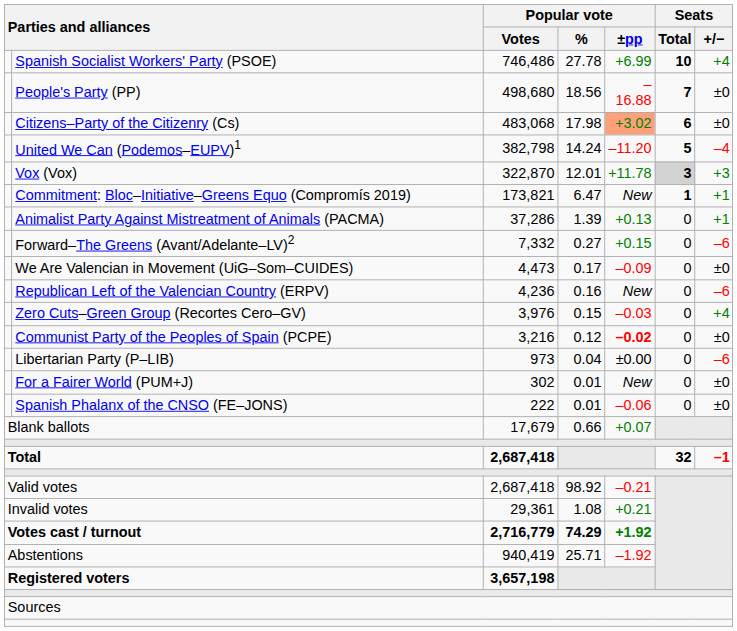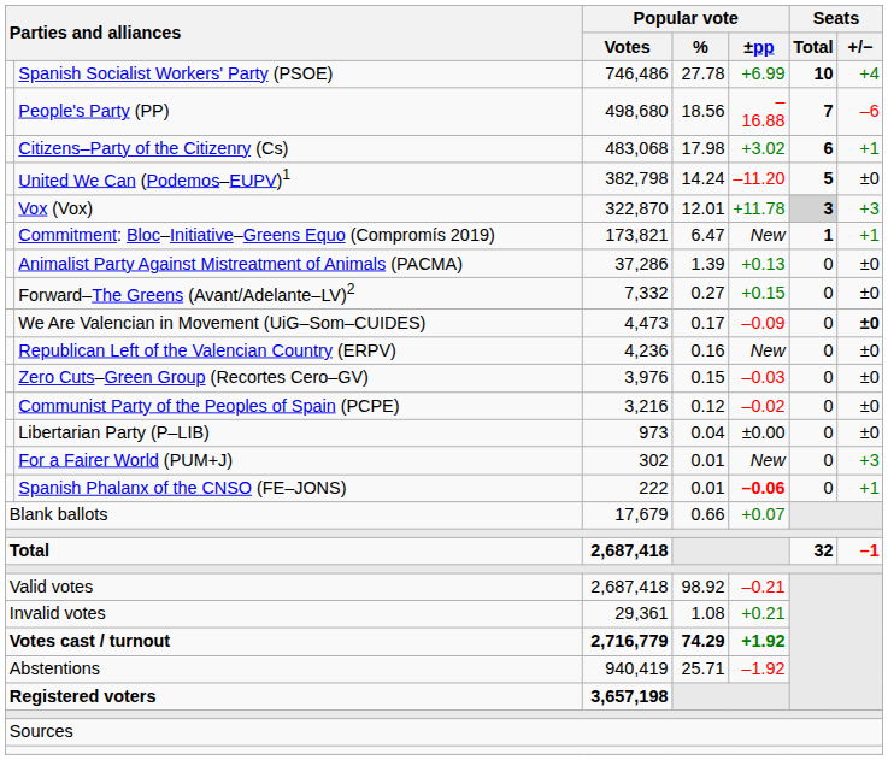 <table class="wikitable" style="text-align:right;">
 <tr>
 <th style="text-align:left;" rowspan="2" colspan="2" width="525">Parties and alliances</th>
 <th colspan="3">Popular vote</th>
 <th colspan="2">Seats</th>
 </tr>
 <tr>
 <th width="75">Votes</th>
 <th width="45">%</th>
 <th width="45">±<a href='#'>pp</a></th>
 <th width="35">Total</th>
 <th width="35">+/−</th>
 </tr>
 <tr>
 <td width="1" style="color:inherit;background:"></td>
 <td align="left"><a href='#'>Spanish Socialist Workers' Party</a> (PSOE)</td>
 <td>746,486</td>
 <td>27.78</td>
 <td style="color:green;">+6.99</td>
 <td><strong>10</strong></td>
 <td style="color:green;">+4</td>
 </tr>
 <tr>
 <td style="color:inherit;background:"></td>
 <td align="left"><a href='#'>People's Party</a> (PP)</td>
 <td>498,680</td>
 <td>18.56</td>
 <td style="color:red;">–16.88</td>
 <td><strong>7</strong></td>
-<td>±0</td>
+<td style="color:red;">–6</td>
 </tr>
 <tr>
 <td style="color:inherit;background:"></td>
 <td align="left"><a href='#'>Citizens–Party of the Citizenry</a> (Cs)</td>
 <td>483,068</td>
 <td>17.98</td>
-<td style="background: lightsalmon; color:green;">+3.02</td>
+<td style="color:green;">+3.02</td>
 <td><strong>6</strong></td>
-<td>±0</td>
+<td style="color:green;">+1</td>
 </tr>
 <tr>
 <td style="color:inherit;background:"></td>
 <td align="left"><a href='#'>United We Can</a> (<a href='#'>Podemos</a>–<a href='#'>EUPV</a>)<sup>1</sup></td>
 <td>382,798</td>
 <td>14.24</td>
 <td style="color:red;">–11.20</td>
 <td><strong>5</strong></td>
-<td style="color:red;">–4</td>
+<td>±0</td>
 </tr>
 <tr>
 <td style="color:inherit;background:"></td>
 <td align="left"><a href='#'>Vox</a> (Vox)</td>
 <td>322,870</td>
 <td>12.01</td>
 <td style="color:green;">+11.78</td>
 <td style="background: lightgrey;"><strong>3</strong></td>
 <td style="color:green;">+3</td>
 </tr>
 <tr>
 <td style="color:inherit;background:"></td>
 <td align="left"><a href='#'>Commitment</a>: <a href='#'>Bloc</a>–<a href='#'>Initiative</a>–<a href='#'>Greens Equo</a> (Compromís 2019)</td>
 <td>173,821</td>
 <td>6.47</td>
 <td><em>New</em></td>
 <td><strong>1</strong></td>
 <td style="color:green;">+1</td>
 </tr>
 <tr>
 <td style="color:inherit;background:"></td>
 <td align="left"><a href='#'>Animalist Party Against Mistreatment of Animals</a> (PACMA)</td>
 <td>37,286</td>
 <td>1.39</td>
 <td style="color:green;">+0.13</td>
 <td>0</td>
-<td style="color:green;">+1</td>
+<td>±0</td>
 </tr>
 <tr>
 <td style="color:inherit;background:"></td>
 <td align="left">Forward–<a href='#'>The Greens</a> (Avant/Adelante–LV)<sup>2</sup></td>
 <td>7,332</td>
 <td>0.27</td>
 <td style="color:green;">+0.15</td>
 <td>0</td>
-<td style="color:red;">–6</td>
+<td>±0</td>
 </tr>
 <tr>
 <td style="color:inherit;background:"></td>
 <td align="left">We Are Valencian in Movement (UiG–Som–CUIDES)</td>
 <td>4,473</td>
 <td>0.17</td>
 <td style="color:red;">–0.09</td>
 <td>0</td>
-<td>±0</td>
+<td><strong>±0</strong></td>
 </tr>
 <tr>
 <td style="color:inherit;background:"></td>
 <td align="left"><a href='#'>Republican Left of the Valencian Country</a> (ERPV)</td>
 <td>4,236</td>
 <td>0.16</td>
 <td><em>New</em></td>
 <td>0</td>
-<td style="color:red;">–6</td>
+<td>±0</td>
 </tr>
 <tr>
 <td style="color:inherit;background:"></td>
 <td align="left"><a href='#'>Zero Cuts</a>–<a href='#'>Green Group</a> (Recortes Cero–GV)</td>
 <td>3,976</td>
 <td>0.15</td>
 <td style="color:red;">–0.03</td>
 <td>0</td>
-<td style="color:green;">+4</td>
+<td>±0</td>
 </tr>
 <tr>
 <td style="color:inherit;background:"></td>
 <td align="left"><a href='#'>Communist Party of the Peoples of Spain</a> (PCPE)</td>
 <td>3,216</td>
 <td>0.12</td>
-<td style="color:red;"><strong>–0.02</strong></td>
+<td style="color:red;">–0.02</td>
 <td>0</td>
 <td>±0</td>
 </tr>
 <tr>
 <td style="color:inherit;background:"></td>
 <td align="left">Libertarian Party (P–LIB)</td>
 <td>973</td>
 <td>0.04</td>
 <td>±0.00</td>
 <td>0</td>
-<td style="color:red;">–6</td>
+<td>±0</td>
 </tr>
 <tr>
 <td style="color:inherit;background:"></td>
 <td align="left"><a href='#'>For a Fairer World</a> (PUM+J)</td>
 <td>302</td>
 <td>0.01</td>
 <td><em>New</em></td>
 <td>0</td>
-<td>±0</td>
+<td style="color:green;">+3</td>
 </tr>
 <tr>
 <td style="color:inherit;background:"></td>
 <td align="left"><a href='#'>Spanish Phalanx of the CNSO</a> (FE–JONS)</td>
 <td>222</td>
 <td>0.01</td>
-<td style="color:red;">–0.06</td>
+<td style="color:red;"><strong>–0.06</strong></td>
 <td>0</td>
-<td>±0</td>
+<td style="color:green;">+1</td>
 </tr>
 <tr>
 <td align="left" colspan="2">Blank ballots</td>
 <td>17,679</td>
 <td>0.66</td>
 <td style="color:green;">+0.07</td>
 <td bgcolor="#E9E9E9" colspan="2"></td>
 </tr>
 <tr>
 <td colspan="7" bgcolor="#E9E9E9"></td>
 </tr>
 <tr style="font-weight:bold;">
 <td align="left" colspan="2">Total</td>
 <td>2,687,418</td>
 <td bgcolor="#E9E9E9" colspan="2"></td>
 <td>32</td>
 <td style="color:red;">–1</td>
 </tr>
 <tr>
 <td colspan="7" bgcolor="#E9E9E9"></td>
 </tr>
 <tr>
 <td align="left" colspan="2">Valid votes</td>
 <td>2,687,418</td>
 <td>98.92</td>
 <td style="color:red;">–0.21</td>
 <td bgcolor="#E9E9E9" colspan="2" rowspan="5"></td>
 </tr>
 <tr>
 <td align="left" colspan="2">Invalid votes</td>
 <td>29,361</td>
 <td>1.08</td>
 <td style="color:green;">+0.21</td>
 </tr>
 <tr style="font-weight:bold;">
 <td align="left" colspan="2">Votes cast / turnout</td>
 <td>2,716,779</td>
 <td>74.29</td>
 <td style="color:green;">+1.92</td>
 </tr>
 <tr>
 <td align="left" colspan="2">Abstentions</td>
 <td>940,419</td>
 <td>25.71</td>
 <td style="color:red;">–1.92</td>
 </tr>
 <tr style="font-weight:bold;">
 <td align="left" colspan="2">Registered voters</td>
 <td>3,657,198</td>
 <td bgcolor="#E9E9E9" colspan="2"></td>
 </tr>
 <tr>
 <td colspan="7" bgcolor="#E9E9E9"></td>
 </tr>
 <tr>
 <td align="left" colspan="7">Sources</td>
 </tr>
 <tr>
 <td colspan="7" style="text-align:left; max-width:790px;"></td>
 </tr>
 </table>
